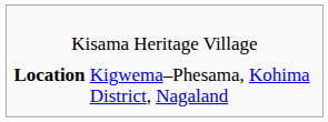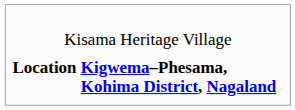 <table class="infobox" style="width: 270px; float: right;">
 <tr>
 <td colspan="2" style="text-align: center;"><br>Kisama Heritage Village</td>
 </tr>
 <tr>
 <td colspan="2" style="text-align: center;"></td>
 </tr>
 <tr>
 <th style="text-align: left;">Location</th>
-<td><a href='#'>Kigwema</a>–Phesama, <a href='#'>Kohima District</a>, <a href='#'>Nagaland</a></td>
+<td><strong><a href='#'>Kigwema</a>–Phesama, <a href='#'>Kohima District</a>, <a href='#'>Nagaland</a></strong></td>
 </tr>
 <tr>
 </tr>
 </table>
